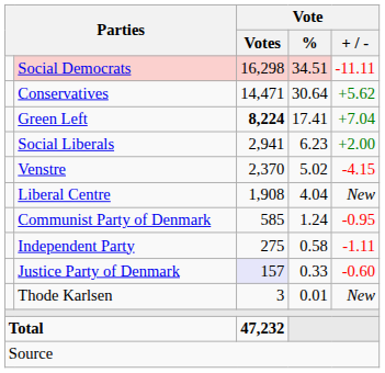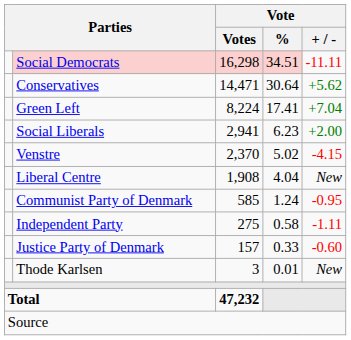 <table class="wikitable" style="text-align:right;">
 <tr>
 <th style="text-align:centre;" rowspan="2" colspan="2" width="225">Parties</th>
 <th colspan="3">Vote</th>
 </tr>
 <tr>
 <th width="15">Votes</th>
 <th width="15">%</th>
 <th width="15">+ / -</th>
 </tr>
 <tr>
 <td width="2" style="color:inherit;background:"></td>
 <td bgcolor=#fbd0ce  align="left"><a href='#'>Social Democrats</a></td>
 <td bgcolor=#fbd0ce>16,298</td>
 <td bgcolor=#fbd0ce>34.51</td>
 <td style=color:red;>-11.11</td>
 </tr>
 <tr>
 <td width="2" style="color:inherit;background:"></td>
 <td align="left"><a href='#'>Conservatives</a></td>
 <td>14,471</td>
 <td>30.64</td>
 <td style=color:green;>+5.62</td>
 </tr>
 <tr>
 <td width="2" style="color:inherit;background:"></td>
 <td align="left"><a href='#'>Green Left</a></td>
-<td><strong>8,224</strong></td>
+<td>8,224</td>
 <td>17.41</td>
 <td style=color:green;>+7.04</td>
 </tr>
 <tr>
 <td width="2" style="color:inherit;background:"></td>
 <td align="left"><a href='#'>Social Liberals</a></td>
 <td>2,941</td>
 <td>6.23</td>
 <td style=color:green;>+2.00</td>
 </tr>
 <tr>
 <td width="2" style="color:inherit;background:"></td>
 <td align="left"><a href='#'>Venstre</a></td>
 <td>2,370</td>
 <td>5.02</td>
 <td style=color:red;>-4.15</td>
 </tr>
 <tr>
 <td width="2" style="color:inherit;background:"></td>
 <td align="left"><a href='#'>Liberal Centre</a></td>
 <td>1,908</td>
 <td>4.04</td>
 <td><em>New</em></td>
 </tr>
 <tr>
 <td width="2" style="color:inherit;background:"></td>
 <td align="left"><a href='#'>Communist Party of Denmark</a></td>
 <td>585</td>
 <td>1.24</td>
 <td style=color:red;>-0.95</td>
 </tr>
 <tr>
 <td width="2" style="color:inherit;background:"></td>
 <td align="left"><a href='#'>Independent Party</a></td>
 <td>275</td>
 <td>0.58</td>
 <td style=color:red;>-1.11</td>
 </tr>
 <tr>
 <td width="2" style="color:inherit;background:"></td>
 <td align="left"><a href='#'>Justice Party of Denmark</a></td>
-<td style="background: lavender;">157</td>
+<td>157</td>
 <td>0.33</td>
 <td style=color:red;>-0.60</td>
 </tr>
 <tr>
 <td width="2" style="color:inherit;background:"></td>
 <td align="left">Thode Karlsen</td>
 <td>3</td>
 <td>0.01</td>
 <td><em>New</em></td>
 </tr>
 <tr>
 <td colspan="7" bgcolor="#E9E9E9"></td>
 </tr>
 <tr>
 <td align="left" colspan="2"><strong>Total</strong></td>
 <td><strong>47,232</strong></td>
 <td bgcolor="#E9E9E9" colspan="2"></td>
 </tr>
 <tr>
 <td align="left" colspan="6">Source</td>
 </tr>
 </table>
